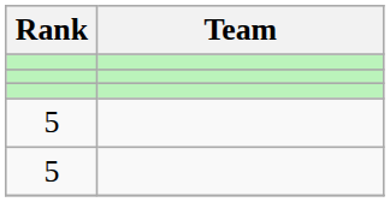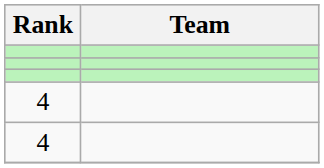 <table class="wikitable" style="text-align:center">
 <tr>
 <th width=40>Rank</th>
 <th width=140>Team</th>
 </tr>
 <tr bgcolor=#BBF3BB>
 <td></td>
 <td style="text-align:left"></td>
 </tr>
 <tr bgcolor=#BBF3BB>
 <td></td>
 <td style="text-align:left"></td>
 </tr>
 <tr bgcolor=#BBF3BB>
 <td></td>
 <td style="text-align:left"></td>
 </tr>
 <tr>
-<td>5</td>
+<td>4</td>
 <td style="text-align:left"></td>
 </tr>
 <tr>
-<td>5</td>
+<td>4</td>
 <td style="text-align:left"></td>
 </tr>
 <tr>
 </tr>
 </table>
